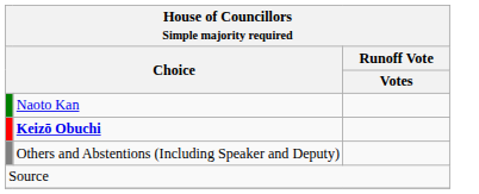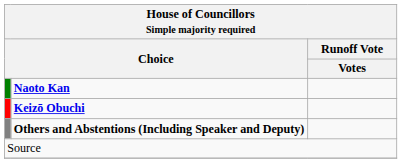 <table class="wikitable" style="font-size:90%;">
 <tr>
 <th colspan="4">House of Councillors <br><small>Simple majority required</small></th>
 </tr>
 <tr>
 <th align="left" rowspan="2" colspan="2" width="100">Choice</th>
 <th colspan="2">Runoff Vote</th>
 </tr>
 <tr>
 <th width="100">Votes</th>
 </tr>
 <tr>
 <td width="1" bgcolor="green"></td>
-<td align="left"><a href='#'>Naoto Kan</a></td>
+<td align="left"><strong><a href='#'>Naoto Kan</a></strong></td>
 <td></td>
 </tr>
 <tr>
 <td bgcolor="red"></td>
 <td align="left"><strong><a href='#'>Keizō Obuchi</a></strong></td>
 <td></td>
 </tr>
 <tr>
 <td bgcolor="gray"></td>
-<td align="left">Others and Abstentions (Including Speaker and Deputy)</td>
+<td align="left"><strong>Others and Abstentions (Including Speaker and Deputy)</strong></td>
 <td></td>
 </tr>
 <tr>
 <td colspan=3>Source </td>
 </tr>
 <tr>
 </tr>
 </table>
